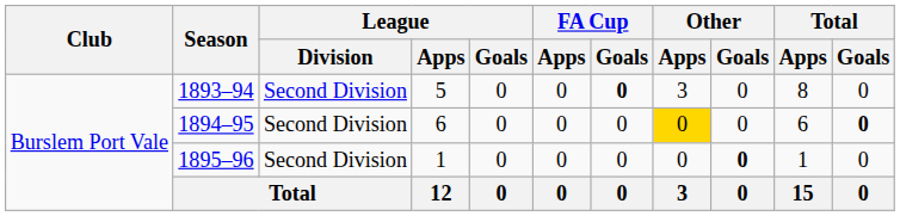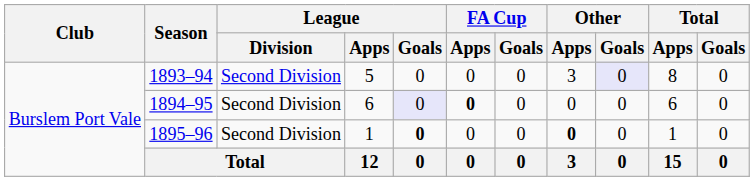 <table class="wikitable" style="text-align:center">
 <tr>
 <th rowspan="2">Club</th>
 <th rowspan="2">Season</th>
 <th colspan="3">League</th>
 <th colspan="2"><a href='#'>FA Cup</a></th>
 <th colspan="2">Other</th>
 <th colspan="2">Total</th>
 </tr>
 <tr>
 <th>Division</th>
 <th>Apps</th>
 <th>Goals</th>
 <th>Apps</th>
 <th>Goals</th>
 <th>Apps</th>
 <th>Goals</th>
 <th>Apps</th>
 <th>Goals</th>
 </tr>
 <tr>
 <td rowspan="4"><a href='#'>Burslem Port Vale</a></td>
 <td><a href='#'>1893–94</a></td>
 <td><a href='#'>Second Division</a></td>
 <td>5</td>
 <td>0</td>
 <td>0</td>
-<td><strong>0</strong></td>
+<td>0</td>
 <td>3</td>
-<td>0</td>
+<td style="background: lavender;">0</td>
 <td>8</td>
 <td>0</td>
 </tr>
 <tr>
 <td><a href='#'>1894–95</a></td>
 <td>Second Division</td>
 <td>6</td>
+<td style="background: lavender;">0</td>
+<td><strong>0</strong></td>
 <td>0</td>
 <td>0</td>
 <td>0</td>
-<td style="background: gold;">0</td>
+<td>6</td>
 <td>0</td>
-<td>6</td>
-<td><strong>0</strong></td>
 </tr>
 <tr>
 <td><a href='#'>1895–96</a></td>
 <td>Second Division</td>
 <td>1</td>
-<td>0</td>
-<td>0</td>
+<td><strong>0</strong></td>
 <td>0</td>
 <td>0</td>
 <td><strong>0</strong></td>
+<td>0</td>
 <td>1</td>
 <td>0</td>
 </tr>
 <tr>
 <th colspan="2">Total</th>
 <th>12</th>
 <th>0</th>
 <th>0</th>
 <th>0</th>
 <th>3</th>
 <th>0</th>
 <th>15</th>
 <th>0</th>
 </tr>
 </table>
